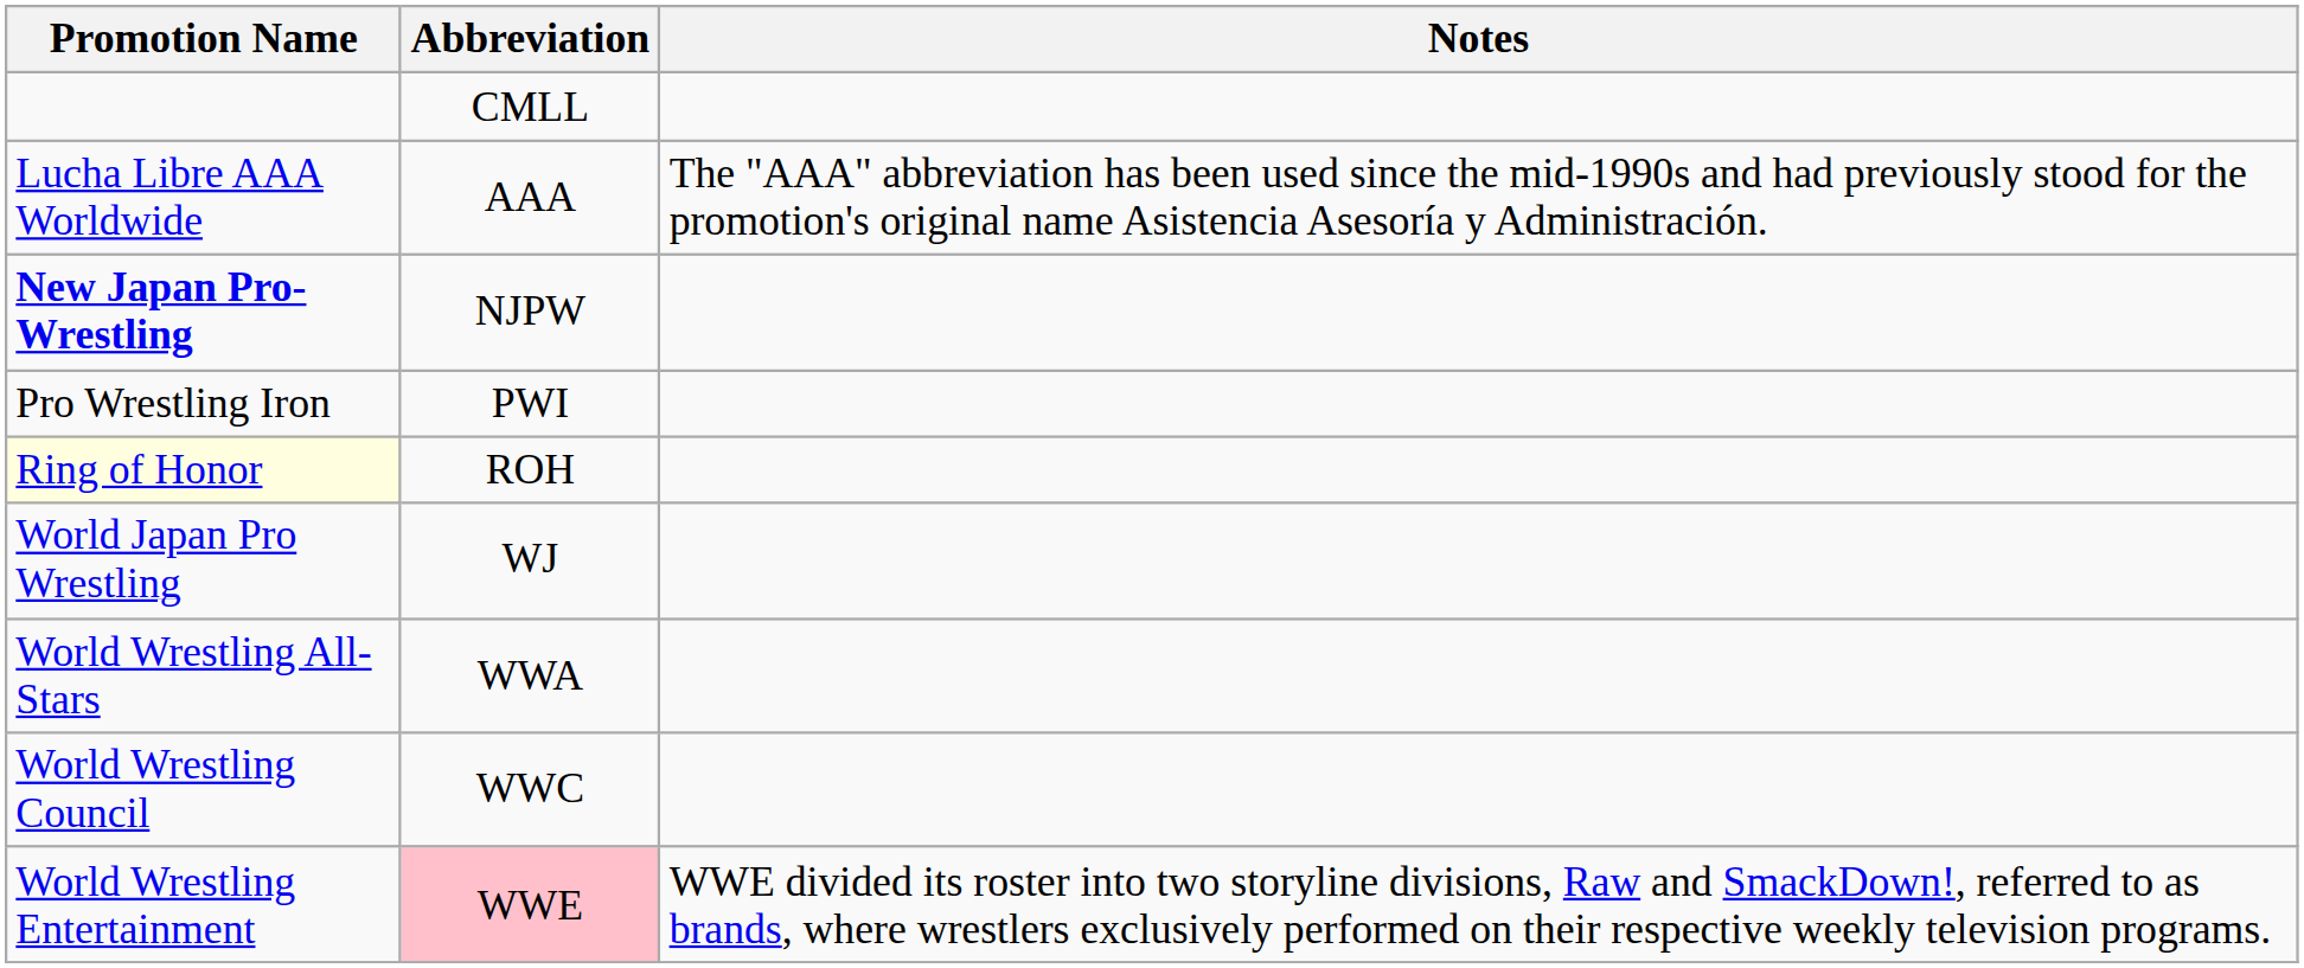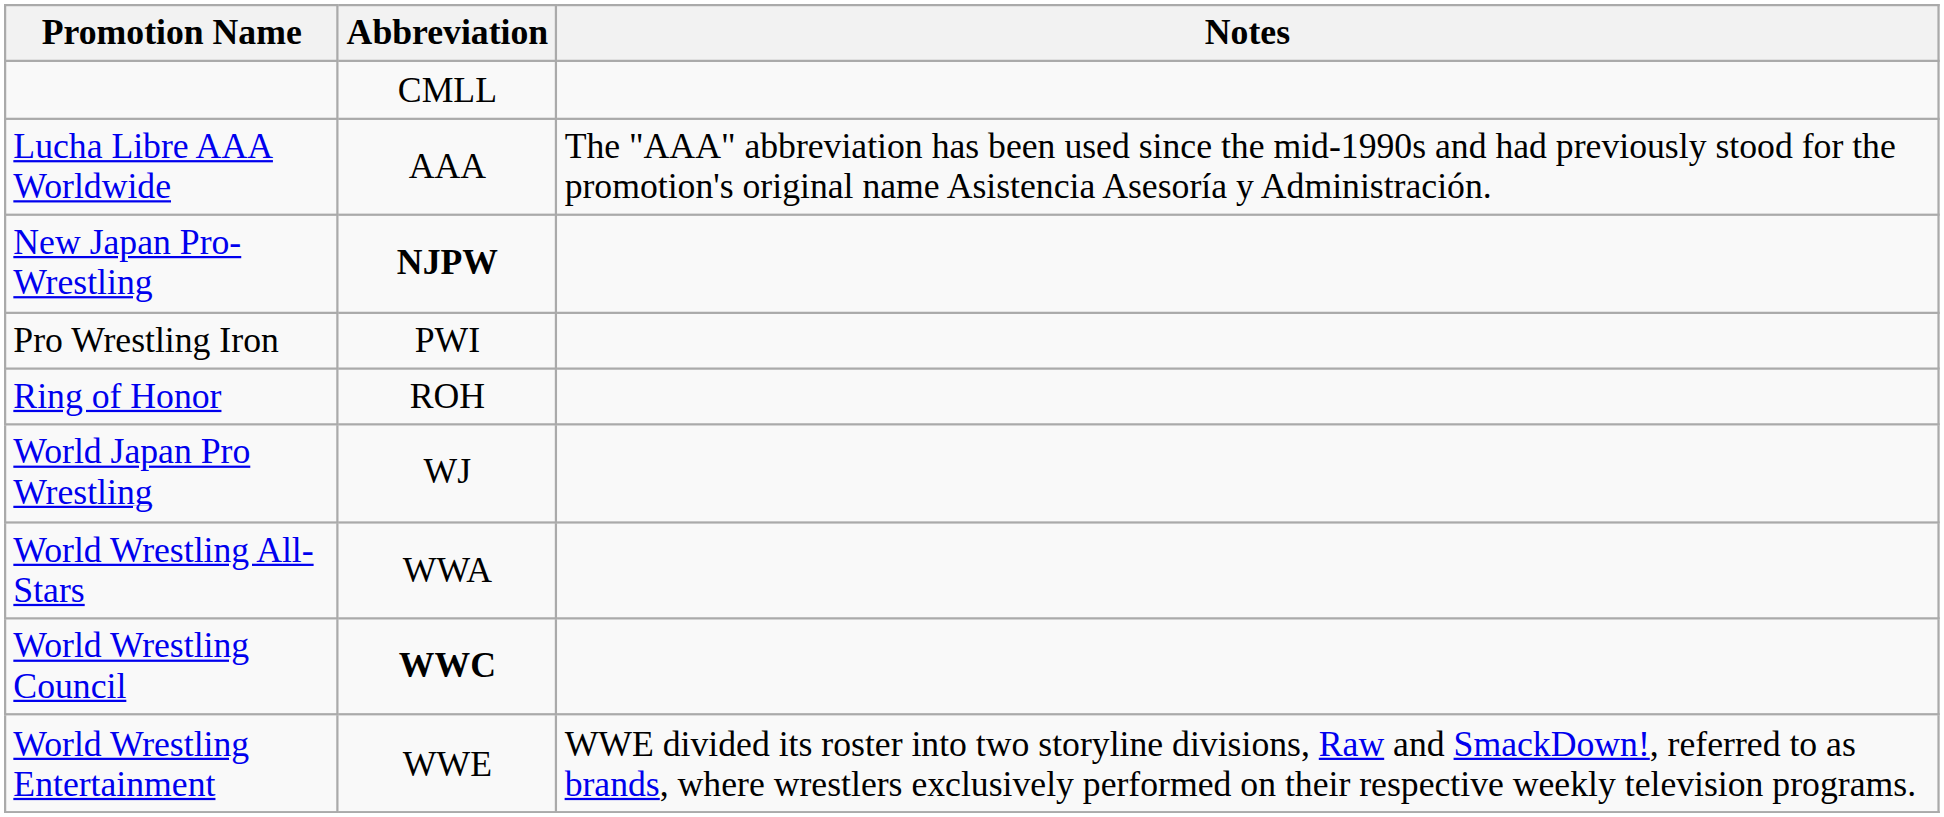 <table class="wikitable">
 <tr>
 <th>Promotion Name</th>
 <th>Abbreviation</th>
 <th>Notes</th>
 </tr>
 <tr>
 <td></td>
 <td align=center>CMLL</td>
 <td></td>
 </tr>
 <tr>
 <td><a href='#'>Lucha Libre AAA Worldwide</a></td>
 <td align=center>AAA</td>
 <td>The "AAA" abbreviation has been used since the mid-1990s and had previously stood for the promotion's original name Asistencia Asesoría y Administración.</td>
 </tr>
 <tr>
-<td><strong><a href='#'>New Japan Pro-Wrestling</a></strong></td>
-<td align=center>NJPW</td>
+<td><a href='#'>New Japan Pro-Wrestling</a></td>
+<td align=center><strong>NJPW</strong></td>
 <td></td>
 </tr>
 <tr>
 <td>Pro Wrestling Iron</td>
 <td align=center>PWI</td>
 <td></td>
 </tr>
 <tr>
-<td style="background: lightyellow;"><a href='#'>Ring of Honor</a></td>
+<td><a href='#'>Ring of Honor</a></td>
 <td align=center>ROH</td>
 <td></td>
 </tr>
 <tr>
 <td><a href='#'>World Japan Pro Wrestling</a></td>
 <td align=center>WJ</td>
 <td></td>
 </tr>
 <tr>
 <td><a href='#'>World Wrestling All-Stars</a></td>
 <td align=center>WWA</td>
 <td></td>
 </tr>
 <tr>
 <td><a href='#'>World Wrestling Council</a></td>
-<td align=center>WWC</td>
+<td align=center><strong>WWC</strong></td>
 <td></td>
 </tr>
 <tr>
 <td><a href='#'>World Wrestling Entertainment</a></td>
-<td align=center style="background: pink;">WWE</td>
+<td align=center>WWE</td>
 <td>WWE divided its roster into two storyline divisions, <a href='#'>Raw</a> and <a href='#'>SmackDown!</a>, referred to as <a href='#'>brands</a>, where wrestlers exclusively performed on their respective weekly television programs.</td>
 </tr>
 <tr>
 </tr>
 </table>
